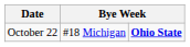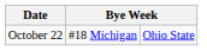 <table class="wikitable" style="font-size:95%;">
 <tr>
 <th>Date</th>
 <th colspan="2">Bye Week</th>
 </tr>
 <tr>
 <td>October 22</td>
 <td>#18 <a href='#'>Michigan</a></td>
-<td><strong><a href='#'>Ohio State</a></strong></td>
+<td><a href='#'>Ohio State</a></td>
 </tr>
 </table>
